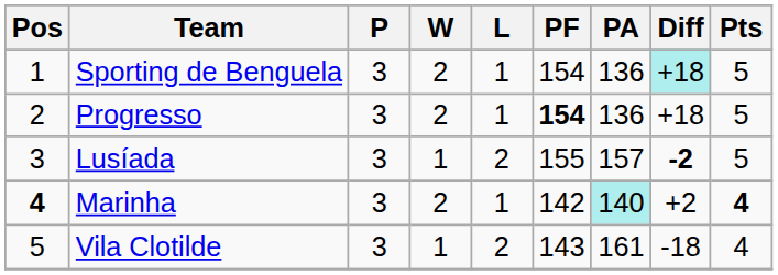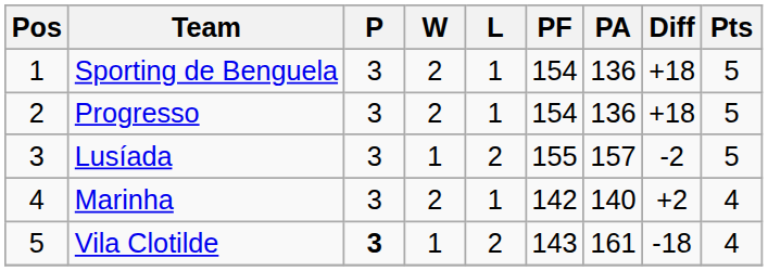 <table class="wikitable" style="text-align:center; font-size:90%">
 <tr>
 <th width=25>Pos</th>
 <th>Team</th>
 <th width=25>P</th>
 <th width=25>W</th>
 <th width=25>L</th>
 <th>PF</th>
 <th>PA</th>
 <th>Diff</th>
 <th width=25>Pts</th>
 </tr>
 <tr>
 <td>1</td>
 <td align=left><a href='#'>Sporting de Benguela</a></td>
 <td>3</td>
 <td>2</td>
 <td>1</td>
 <td>154</td>
 <td>136</td>
-<td style="background: paleturquoise;">+18</td>
+<td>+18</td>
 <td>5</td>
 </tr>
 <tr>
 <td>2</td>
 <td align=left><a href='#'>Progresso</a></td>
 <td>3</td>
 <td>2</td>
 <td>1</td>
-<td><strong>154</strong></td>
+<td>154</td>
 <td>136</td>
 <td>+18</td>
 <td>5</td>
 </tr>
 <tr>
 <td>3</td>
 <td align=left><a href='#'>Lusíada</a></td>
 <td>3</td>
 <td>1</td>
 <td>2</td>
 <td>155</td>
 <td>157</td>
-<td><strong>-2</strong></td>
+<td>-2</td>
 <td>5</td>
 </tr>
 <tr>
-<td><strong>4</strong></td>
+<td>4</td>
 <td align=left><a href='#'>Marinha</a></td>
 <td>3</td>
 <td>2</td>
 <td>1</td>
 <td>142</td>
-<td style="background: paleturquoise;">140</td>
+<td>140</td>
 <td>+2</td>
-<td><strong>4</strong></td>
+<td>4</td>
 </tr>
 <tr>
 <td>5</td>
 <td align=left><a href='#'>Vila Clotilde</a></td>
-<td>3</td>
+<td><strong>3</strong></td>
 <td>1</td>
 <td>2</td>
 <td>143</td>
 <td>161</td>
 <td>-18</td>
 <td>4</td>
 </tr>
 <tr>
 </tr>
 </table>
